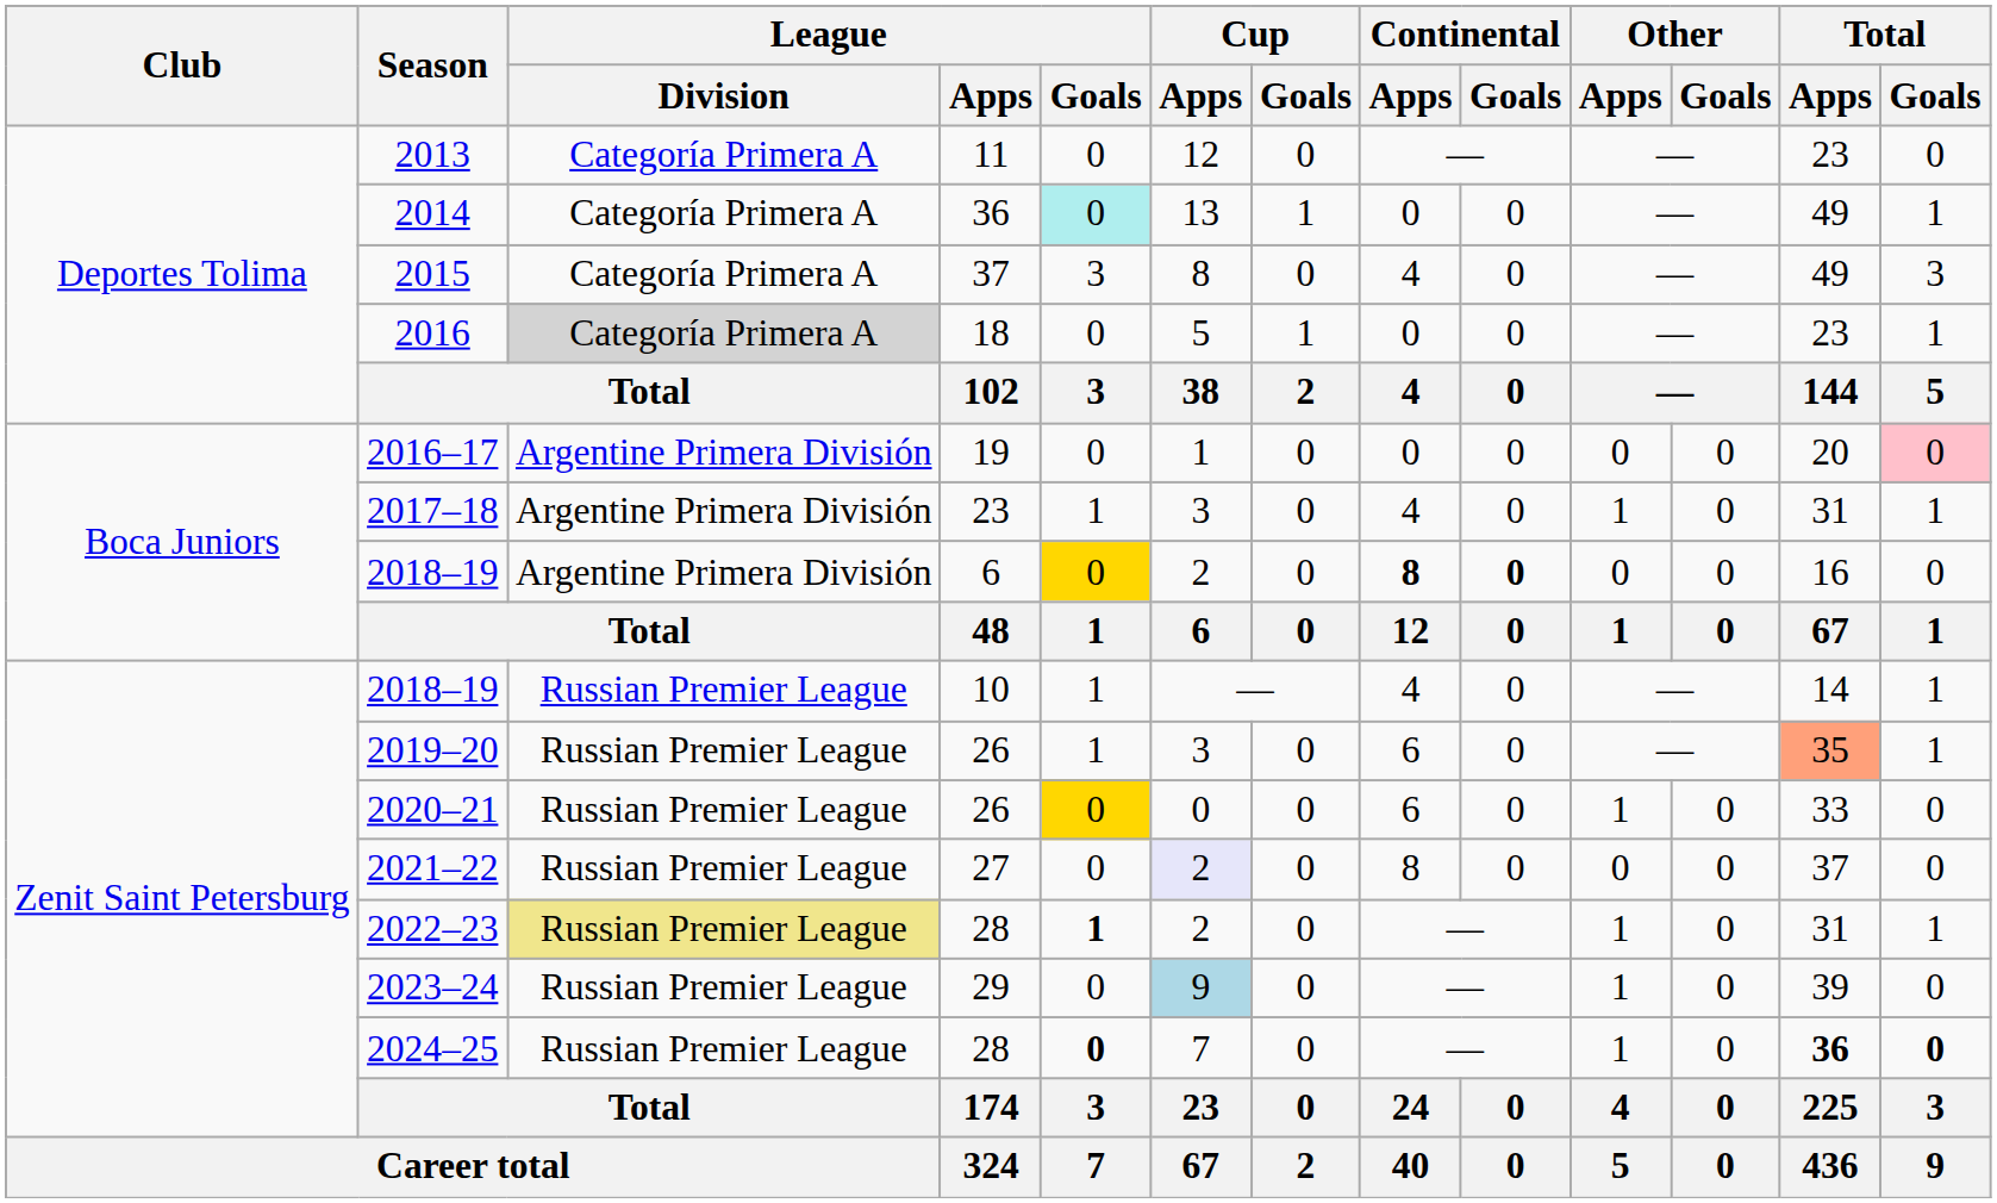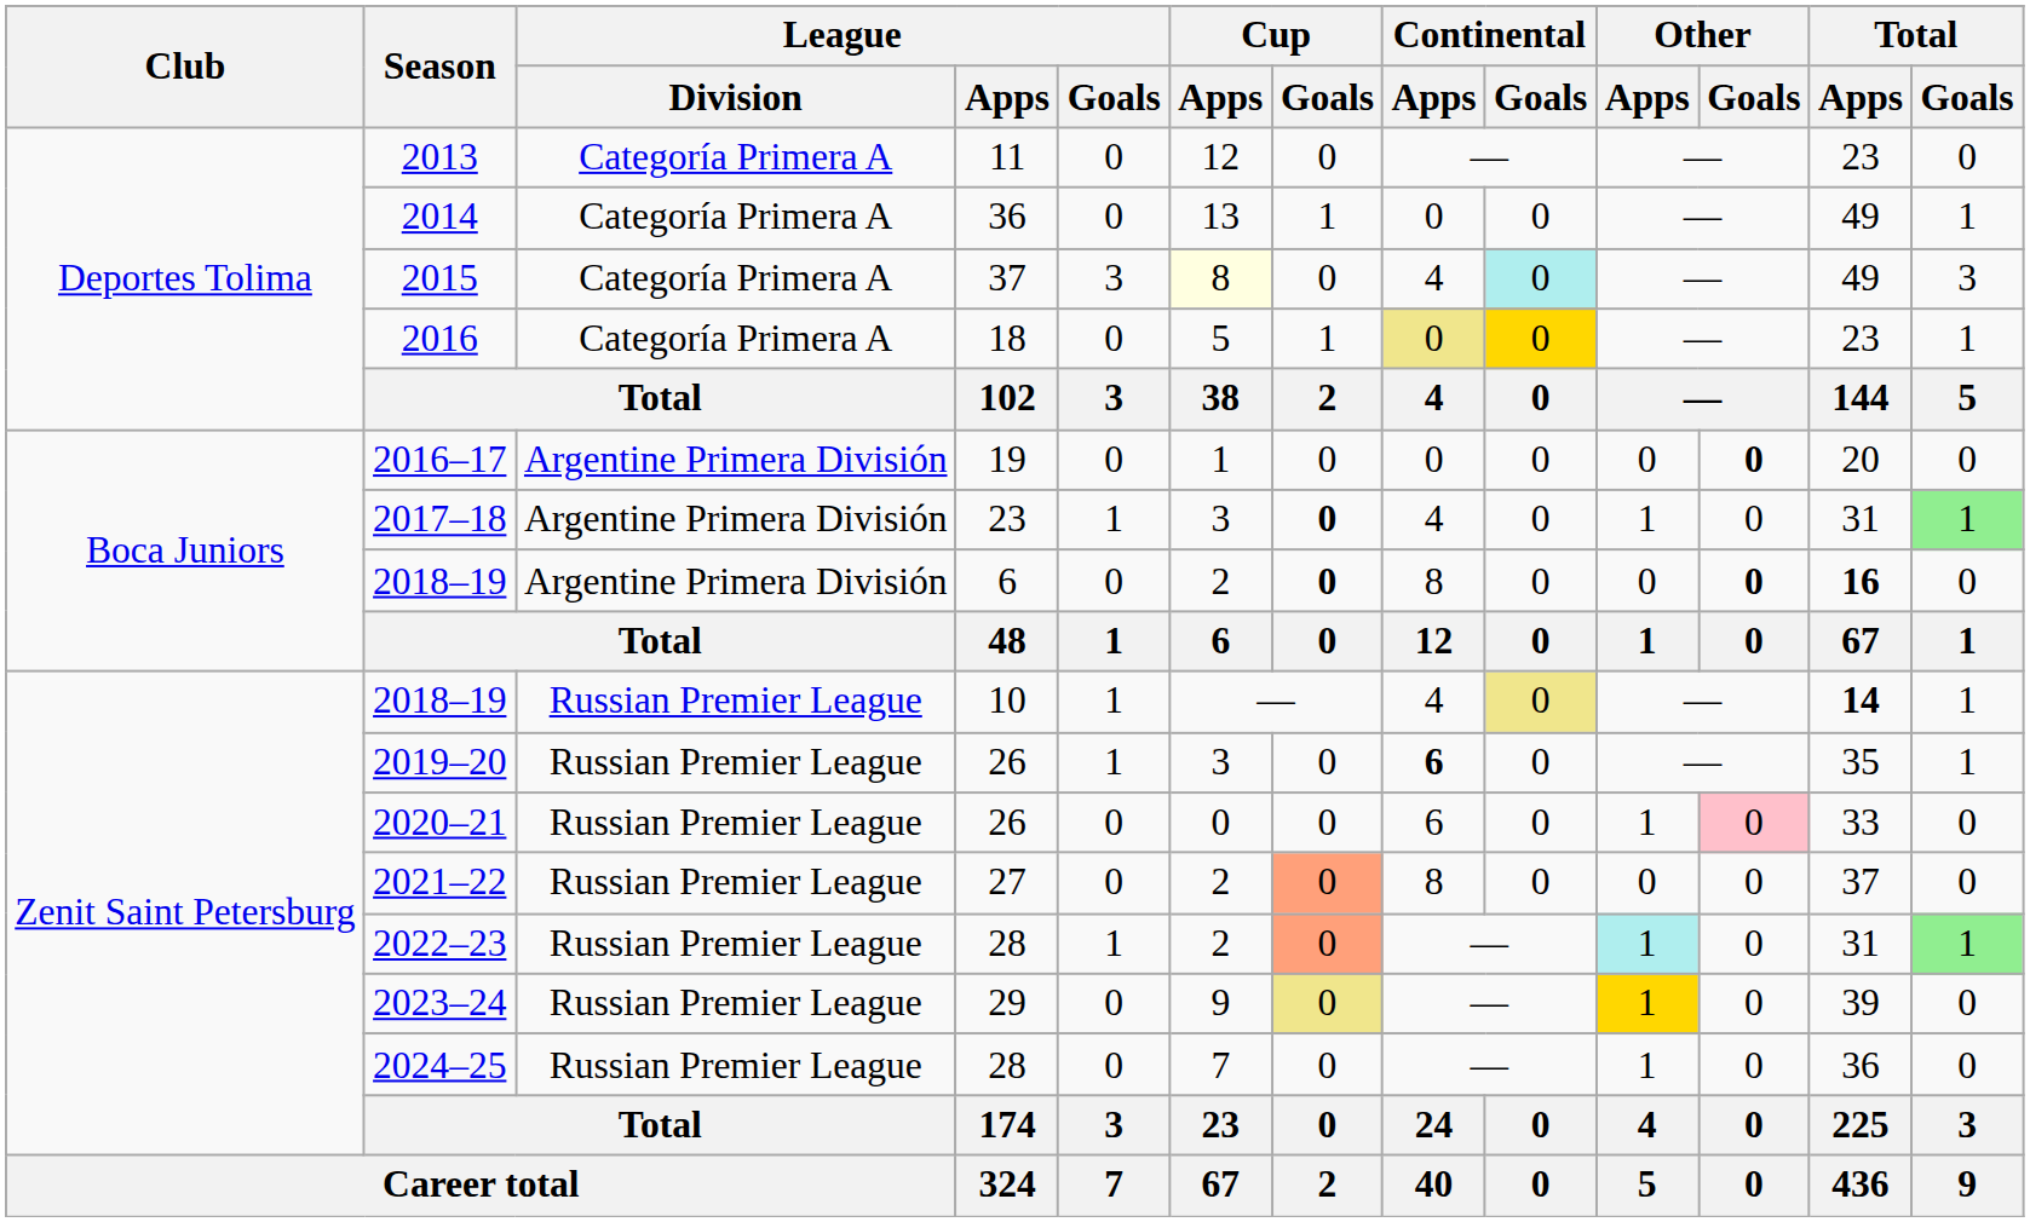 <table class="wikitable" style="text-align: center;">
 <tr>
 <th rowspan="2">Club</th>
 <th rowspan="2">Season</th>
 <th colspan="3">League</th>
 <th colspan="2">Cup</th>
 <th colspan="2">Continental</th>
 <th colspan="2">Other</th>
 <th colspan="2">Total</th>
 </tr>
 <tr>
 <th>Division</th>
 <th>Apps</th>
 <th>Goals</th>
 <th>Apps</th>
 <th>Goals</th>
 <th>Apps</th>
 <th>Goals</th>
 <th>Apps</th>
 <th>Goals</th>
 <th>Apps</th>
 <th>Goals</th>
 </tr>
 <tr>
 <td rowspan=5><a href='#'>Deportes Tolima</a></td>
 <td><a href='#'>2013</a></td>
 <td><a href='#'>Categoría Primera A</a></td>
 <td>11</td>
 <td>0</td>
 <td>12</td>
 <td>0</td>
 <td colspan="2">—</td>
 <td colspan="2">—</td>
 <td>23</td>
 <td>0</td>
 </tr>
 <tr>
 <td><a href='#'>2014</a></td>
 <td>Categoría Primera A</td>
 <td>36</td>
-<td style="background: paleturquoise;">0</td>
+<td>0</td>
 <td>13</td>
 <td>1</td>
 <td>0</td>
 <td>0</td>
 <td colspan="2">—</td>
 <td>49</td>
 <td>1</td>
 </tr>
 <tr>
 <td><a href='#'>2015</a></td>
 <td>Categoría Primera A</td>
 <td>37</td>
 <td>3</td>
-<td>8</td>
+<td style="background: lightyellow;">8</td>
 <td>0</td>
 <td>4</td>
-<td>0</td>
+<td style="background: paleturquoise;">0</td>
 <td colspan="2">—</td>
 <td>49</td>
 <td>3</td>
 </tr>
 <tr>
 <td><a href='#'>2016</a></td>
-<td style="background: lightgrey;">Categoría Primera A</td>
+<td>Categoría Primera A</td>
 <td>18</td>
 <td>0</td>
 <td>5</td>
 <td>1</td>
-<td>0</td>
-<td>0</td>
+<td style="background: khaki;">0</td>
+<td style="background: gold;">0</td>
 <td colspan="2">—</td>
 <td>23</td>
 <td>1</td>
 </tr>
 <tr>
 <th colspan="2">Total</th>
 <th>102</th>
 <th>3</th>
 <th>38</th>
 <th>2</th>
 <th>4</th>
 <th>0</th>
 <th colspan="2">—</th>
 <th>144</th>
 <th>5</th>
 </tr>
 <tr>
 <td rowspan=4><a href='#'>Boca Juniors</a></td>
 <td><a href='#'>2016–17</a></td>
 <td><a href='#'>Argentine Primera División</a></td>
 <td>19</td>
 <td>0</td>
 <td>1</td>
 <td>0</td>
 <td>0</td>
 <td>0</td>
 <td>0</td>
+<td><strong>0</strong></td>
+<td>20</td>
 <td>0</td>
-<td>20</td>
-<td style="background: pink;">0</td>
 </tr>
 <tr>
 <td><a href='#'>2017–18</a></td>
 <td>Argentine Primera División</td>
 <td>23</td>
 <td>1</td>
 <td>3</td>
-<td>0</td>
+<td><strong>0</strong></td>
 <td>4</td>
 <td>0</td>
 <td>1</td>
 <td>0</td>
 <td>31</td>
-<td>1</td>
+<td style="background: lightgreen;">1</td>
 </tr>
 <tr>
 <td><a href='#'>2018–19</a></td>
 <td>Argentine Primera División</td>
 <td>6</td>
-<td style="background: gold;">0</td>
+<td>0</td>
 <td>2</td>
-<td>0</td>
-<td><strong>8</strong></td>
 <td><strong>0</strong></td>
+<td>8</td>
 <td>0</td>
 <td>0</td>
-<td>16</td>
+<td><strong>0</strong></td>
+<td><strong>16</strong></td>
 <td>0</td>
 </tr>
 <tr>
 <th colspan="2">Total</th>
 <th>48</th>
 <th>1</th>
 <th>6</th>
 <th>0</th>
 <th>12</th>
 <th>0</th>
 <th>1</th>
 <th>0</th>
 <th>67</th>
 <th>1</th>
 </tr>
 <tr>
 <td rowspan=8><a href='#'>Zenit Saint Petersburg</a></td>
 <td><a href='#'>2018–19</a></td>
 <td><a href='#'>Russian Premier League</a></td>
 <td>10</td>
 <td>1</td>
 <td colspan="2">—</td>
 <td>4</td>
-<td>0</td>
+<td style="background: khaki;">0</td>
 <td colspan="2">—</td>
-<td>14</td>
+<td><strong>14</strong></td>
 <td>1</td>
 </tr>
 <tr>
 <td><a href='#'>2019–20</a></td>
 <td>Russian Premier League</td>
 <td>26</td>
 <td>1</td>
 <td>3</td>
 <td>0</td>
-<td>6</td>
+<td><strong>6</strong></td>
 <td>0</td>
 <td colspan="2">—</td>
-<td style="background: lightsalmon;">35</td>
+<td>35</td>
 <td>1</td>
 </tr>
 <tr>
 <td><a href='#'>2020–21</a></td>
 <td>Russian Premier League</td>
 <td>26</td>
-<td style="background: gold;">0</td>
+<td>0</td>
 <td>0</td>
 <td>0</td>
 <td>6</td>
 <td>0</td>
 <td>1</td>
-<td>0</td>
+<td style="background: pink;">0</td>
 <td>33</td>
 <td>0</td>
 </tr>
 <tr>
 <td><a href='#'>2021–22</a></td>
 <td>Russian Premier League</td>
 <td>27</td>
 <td>0</td>
-<td style="background: lavender;">2</td>
-<td>0</td>
+<td>2</td>
+<td style="background: lightsalmon;">0</td>
 <td>8</td>
 <td>0</td>
 <td>0</td>
 <td>0</td>
 <td>37</td>
 <td>0</td>
 </tr>
 <tr>
 <td><a href='#'>2022–23</a></td>
-<td style="background: khaki;">Russian Premier League</td>
+<td>Russian Premier League</td>
 <td>28</td>
-<td><strong>1</strong></td>
+<td>1</td>
 <td>2</td>
-<td>0</td>
+<td style="background: lightsalmon;">0</td>
 <td colspan="2">—</td>
-<td>1</td>
+<td style="background: paleturquoise;">1</td>
 <td>0</td>
 <td>31</td>
-<td>1</td>
+<td style="background: lightgreen;">1</td>
 </tr>
 <tr>
 <td><a href='#'>2023–24</a></td>
 <td>Russian Premier League</td>
 <td>29</td>
 <td>0</td>
-<td style="background: lightblue;">9</td>
-<td>0</td>
+<td>9</td>
+<td style="background: khaki;">0</td>
 <td colspan="2">—</td>
-<td>1</td>
+<td style="background: gold;">1</td>
 <td>0</td>
 <td>39</td>
 <td>0</td>
 </tr>
 <tr>
 <td><a href='#'>2024–25</a></td>
 <td>Russian Premier League</td>
 <td>28</td>
-<td><strong>0</strong></td>
+<td>0</td>
 <td>7</td>
 <td>0</td>
 <td colspan="2">—</td>
 <td>1</td>
 <td>0</td>
-<td><strong>36</strong></td>
-<td><strong>0</strong></td>
+<td>36</td>
+<td>0</td>
 </tr>
 <tr>
 <th colspan="2">Total</th>
 <th>174</th>
 <th>3</th>
 <th>23</th>
 <th>0</th>
 <th>24</th>
 <th>0</th>
 <th>4</th>
 <th>0</th>
 <th>225</th>
 <th>3</th>
 </tr>
 <tr>
 <th colspan="3">Career total</th>
 <th>324</th>
 <th>7</th>
 <th>67</th>
 <th>2</th>
 <th>40</th>
 <th>0</th>
 <th>5</th>
 <th>0</th>
 <th>436</th>
 <th>9</th>
 </tr>
 </table>
